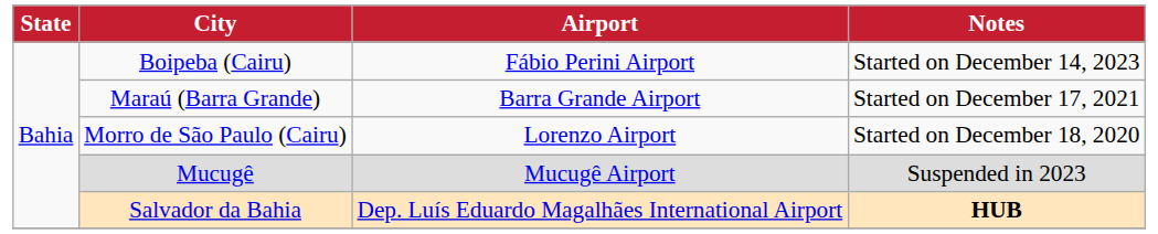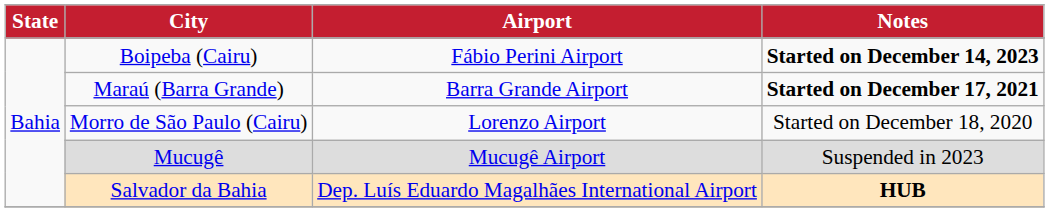 <table Class="wikitable" style= "text-align:center; margin: 1em auto;">
 <tr>
 <th style="background:#c41e30; color:white;">State</th>
 <th style="background:#c41e30; color:white;">City</th>
 <th style="background:#c41e30; color:white;">Airport</th>
 <th style="background:#c41e30; color:white;">Notes</th>
 </tr>
 <tr>
 <td rowspan=6><div><a href='#'>Bahia</a></div></td>
 </tr>
 <tr>
 <td><a href='#'>Boipeba</a> (<a href='#'>Cairu</a>)</td>
 <td><a href='#'>Fábio Perini Airport</a></td>
-<td>Started on December 14, 2023</td>
+<td><strong>Started on December 14, 2023</strong></td>
 </tr>
 <tr>
 <td><a href='#'>Maraú</a> (<a href='#'>Barra Grande</a>)</td>
 <td><a href='#'>Barra Grande Airport</a></td>
-<td>Started on December 17, 2021</td>
+<td><strong>Started on December 17, 2021</strong></td>
 </tr>
 <tr>
 <td><a href='#'>Morro de São Paulo</a> (<a href='#'>Cairu</a>)</td>
 <td><a href='#'>Lorenzo Airport</a></td>
 <td>Started on December 18, 2020</td>
 </tr>
 <tr style="background-color:#DDDDDD">
 <td><a href='#'>Mucugê</a></td>
 <td><a href='#'>Mucugê Airport</a></td>
 <td>Suspended in 2023</td>
 </tr>
 <tr style="background-color:#FFE6BD">
 <td><a href='#'>Salvador da Bahia</a></td>
 <td><a href='#'>Dep. Luís Eduardo Magalhães International Airport</a></td>
 <td><strong>HUB</strong> </td>
 </tr>
 <tr>
 </tr>
 </table>
